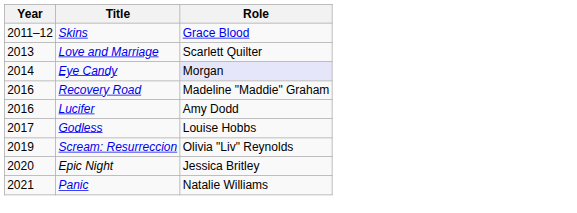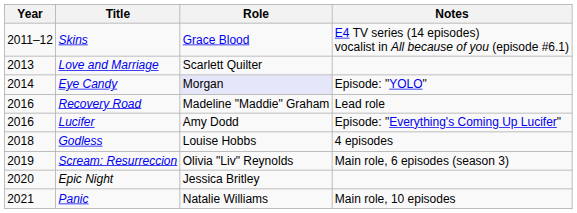 <table class="wikitable">
 <tr>
 <th>Year</th>
 <th>Title</th>
 <th>Role</th>
+<th>Notes</th>
 </tr>
 <tr>
 <td>2011–12</td>
 <td><em><a href='#'>Skins</a></em></td>
 <td><a href='#'>Grace Blood</a></td>
+<td><a href='#'>E4</a> TV series (14 episodes) <br> vocalist in <em>All because of you</em> (episode #6.1)</td>
 </tr>
 <tr>
 <td>2013</td>
 <td><em><a href='#'>Love and Marriage</a></em></td>
 <td>Scarlett Quilter</td>
+<td></td>
 </tr>
 <tr>
 <td>2014</td>
 <td><em><a href='#'>Eye Candy</a></em></td>
 <td style="background: lavender;">Morgan</td>
+<td>Episode: "<a href='#'>YOLO</a>"</td>
 </tr>
 <tr>
 <td>2016</td>
 <td><em><a href='#'>Recovery Road</a></em></td>
 <td>Madeline "Maddie" Graham</td>
+<td>Lead role</td>
 </tr>
 <tr>
 <td>2016</td>
 <td><em><a href='#'>Lucifer</a></em></td>
 <td>Amy Dodd</td>
+<td>Episode: "<a href='#'>Everything's Coming Up Lucifer</a>"</td>
 </tr>
 <tr>
-<td>2017</td>
+<td>2018</td>
 <td><em><a href='#'>Godless</a></em></td>
 <td>Louise Hobbs</td>
+<td>4 episodes</td>
 </tr>
 <tr>
 <td>2019</td>
 <td><em><a href='#'>Scream: Resurreccion</a></em></td>
 <td>Olivia "Liv" Reynolds</td>
+<td>Main role, 6 episodes (season 3)</td>
 </tr>
 <tr>
 <td>2020</td>
 <td><em>Epic Night</em></td>
 <td>Jessica Britley</td>
+<td></td>
 </tr>
 <tr>
 <td>2021</td>
 <td><em><a href='#'>Panic</a></em></td>
 <td>Natalie Williams</td>
+<td>Main role, 10 episodes</td>
 </tr>
 </table>
